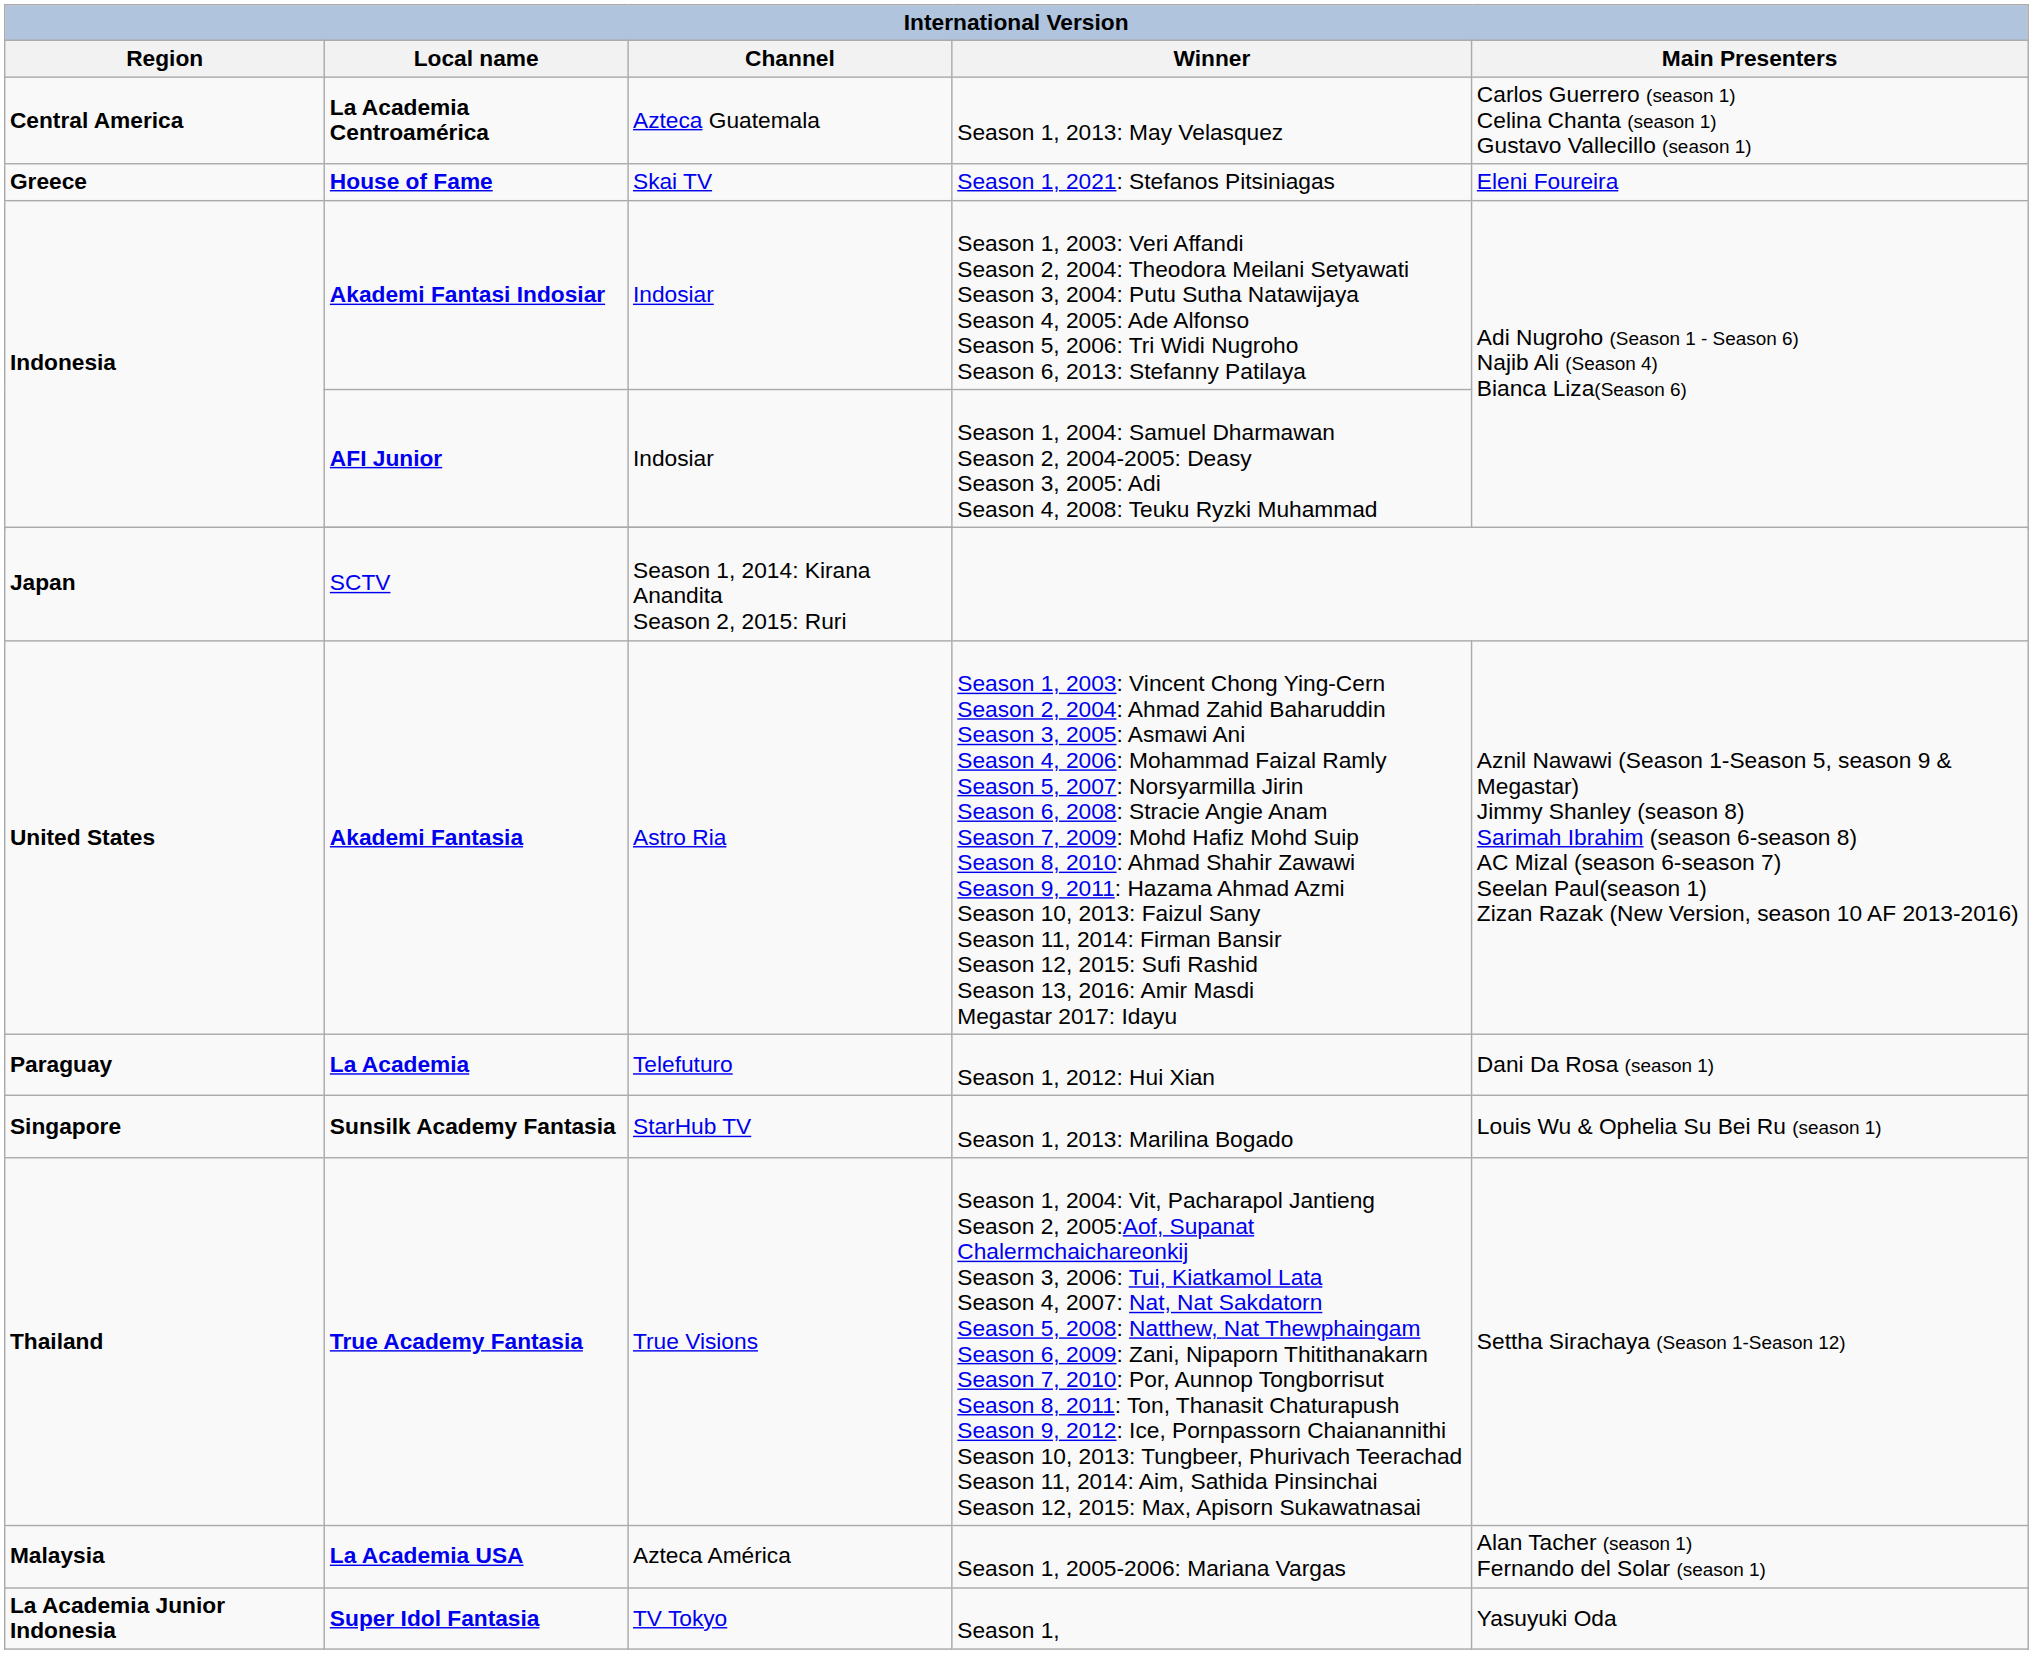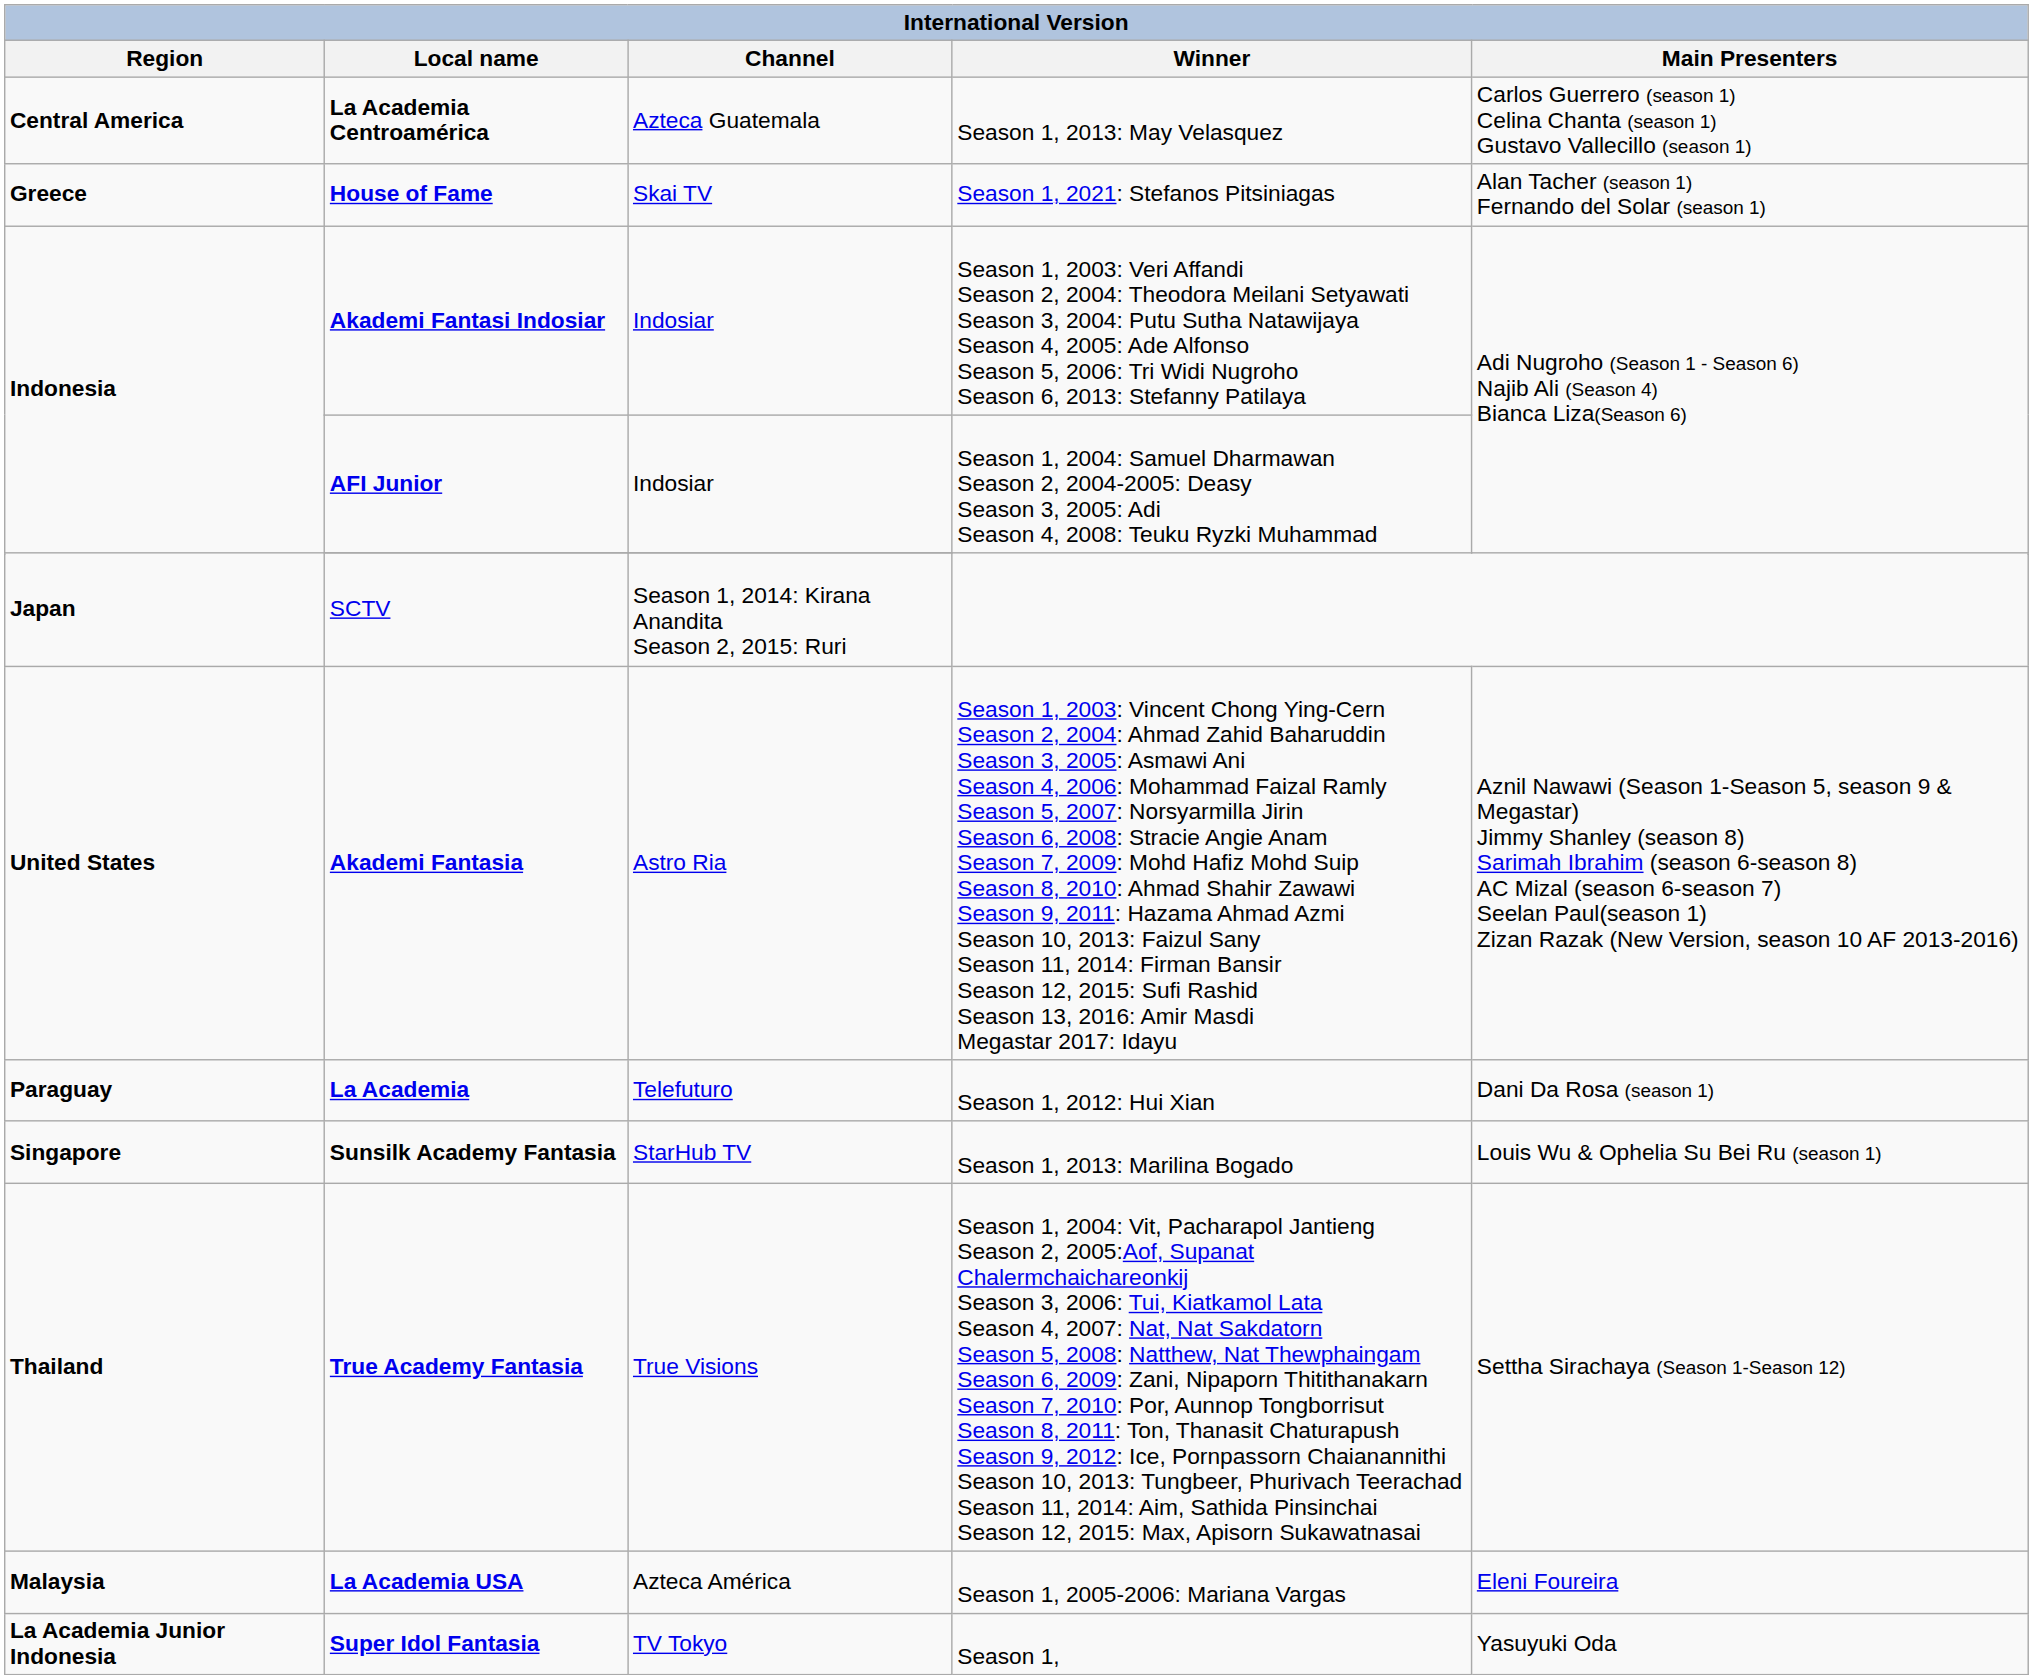 <table class="wikitable" style="text-align:left; width:90%">
 <tr>
 <th colspan="28" style="background:LightSteelBlue;">International Version</th>
 </tr>
 <tr>
 <th>Region</th>
 <th>Local name</th>
 <th>Channel</th>
 <th>Winner</th>
 <th>Main Presenters</th>
 </tr>
 <tr>
 <td><strong>Central America</strong></td>
 <td><strong>La Academia Centroamérica</strong></td>
 <td><a href='#'>Azteca</a> Guatemala</td>
 <td><br>Season 1, 2013: May Velasquez</td>
 <td>Carlos Guerrero <small>(season 1)</small><br>Celina Chanta <small>(season 1)</small><br>Gustavo Vallecillo <small>(season 1)</small></td>
 </tr>
 <tr>
 <td><strong>Greece</strong></td>
 <td><strong><a href='#'>House of Fame</a></strong></td>
 <td><a href='#'>Skai TV</a></td>
 <td><a href='#'>Season 1, 2021</a>: Stefanos Pitsiniagas</td>
-<td><a href='#'>Eleni Foureira</a></td>
+<td>Alan Tacher <small>(season 1)</small><br>Fernando del Solar <small>(season 1)</small></td>
 </tr>
 <tr>
 <td rowspan="3"><strong>Indonesia</strong></td>
 <td><strong><a href='#'>Akademi Fantasi Indosiar</a></strong></td>
 <td><a href='#'>Indosiar</a></td>
 <td><br>Season 1, 2003: Veri Affandi<br> Season 2, 2004: Theodora Meilani Setyawati<br> Season 3, 2004: Putu Sutha Natawijaya<br> Season 4, 2005: Ade Alfonso<br> Season 5, 2006: Tri Widi Nugroho<br> Season 6, 2013: Stefanny Patilaya<br></td>
 <td rowspan="3">Adi Nugroho <small>(Season 1 - Season 6)</small><br>Najib Ali <small>(Season 4)</small><br>Bianca Liza<small>(Season 6)</small></td>
 </tr>
 <tr>
 <td><strong><a href='#'>AFI Junior</a></strong></td>
 <td>Indosiar</td>
 <td><br>Season 1, 2004: Samuel Dharmawan<br>Season 2, 2004-2005: Deasy<br> Season 3, 2005: Adi<br>Season 4, 2008: Teuku Ryzki Muhammad</td>
 </tr>
 <tr>
 </tr>
 <tr>
 <td><strong>Japan</strong></td>
 <td><a href='#'>SCTV</a></td>
 <td><br>Season 1, 2014: Kirana Anandita<br>Season 2, 2015: Ruri</td>
 </tr>
 <tr>
 <td><strong>United States</strong></td>
 <td><strong><a href='#'>Akademi Fantasia</a></strong></td>
 <td><a href='#'>Astro Ria</a></td>
 <td><br><a href='#'>Season 1, 2003</a>: Vincent Chong Ying-Cern<br> <a href='#'>Season 2, 2004</a>: Ahmad Zahid Baharuddin<br> <a href='#'>Season 3, 2005</a>: Asmawi Ani<br> <a href='#'>Season 4, 2006</a>: Mohammad Faizal Ramly<br> <a href='#'>Season 5, 2007</a>: Norsyarmilla Jirin<br> <a href='#'>Season 6, 2008</a>: Stracie Angie Anam<br> <a href='#'>Season 7, 2009</a>: Mohd Hafiz Mohd Suip<br> <a href='#'>Season 8, 2010</a>: Ahmad Shahir Zawawi<br> <a href='#'>Season 9, 2011</a>: Hazama Ahmad Azmi<br> Season 10, 2013: Faizul Sany<br> Season 11, 2014: Firman Bansir<br> Season 12, 2015: Sufi Rashid<br> Season 13, 2016: Amir Masdi<br> Megastar 2017: Idayu<br></td>
 <td>Aznil Nawawi (Season 1-Season 5, season 9 & Megastar)<br>Jimmy Shanley (season 8)<br><a href='#'>Sarimah Ibrahim</a> (season 6-season 8)<br>AC Mizal (season 6-season 7)<br>Seelan Paul(season 1)<br>Zizan Razak (New Version, season 10 AF 2013-2016)</td>
 </tr>
 <tr>
 <td><strong>Paraguay</strong></td>
 <td><strong><a href='#'>La Academia</a></strong></td>
 <td><a href='#'>Telefuturo</a></td>
 <td><br>Season 1, 2012: Hui Xian<br></td>
 <td>Dani Da Rosa <small>(season 1)</small></td>
 </tr>
 <tr>
 <td><strong>Singapore</strong></td>
 <td><strong>Sunsilk Academy Fantasia</strong></td>
 <td><a href='#'>StarHub TV</a></td>
 <td><br>Season 1, 2013: Marilina Bogado<br></td>
 <td>Louis Wu & Ophelia Su Bei Ru <small>(season 1)</small></td>
 </tr>
 <tr>
 <td><strong>Thailand</strong></td>
 <td><strong><a href='#'>True Academy Fantasia</a></strong></td>
 <td><a href='#'>True Visions</a></td>
 <td><br>Season 1, 2004: Vit, Pacharapol Jantieng<br> Season 2, 2005:<a href='#'>Aof, Supanat Chalermchaichareonkij</a><br> Season 3, 2006: <a href='#'>Tui, Kiatkamol Lata</a><br> Season 4, 2007: <a href='#'>Nat, Nat Sakdatorn</a><br> <a href='#'>Season 5, 2008</a>: <a href='#'>Natthew, Nat Thewphaingam</a><br> <a href='#'>Season 6, 2009</a>: Zani, Nipaporn Thitithanakarn<br> <a href='#'>Season 7, 2010</a>: Por, Aunnop Tongborrisut<br> <a href='#'>Season 8, 2011</a>: Ton, Thanasit Chaturapush<br> <a href='#'>Season 9, 2012</a>: Ice, Pornpassorn Chaianannithi<br> Season 10, 2013: Tungbeer, Phurivach Teerachad<br> Season 11, 2014: Aim, Sathida Pinsinchai<br> Season 12, 2015: Max, Apisorn Sukawatnasai</td>
 <td>Settha Sirachaya <small>(Season 1-Season 12)</small></td>
 </tr>
 <tr>
 <td><strong>Malaysia</strong></td>
 <td><strong><a href='#'>La Academia USA</a></strong></td>
 <td>Azteca América</td>
 <td><br>Season 1, 2005-2006: Mariana Vargas<br></td>
-<td>Alan Tacher <small>(season 1)</small><br>Fernando del Solar <small>(season 1)</small></td>
+<td><a href='#'>Eleni Foureira</a></td>
 </tr>
 <tr>
 <td><strong>La Academia Junior Indonesia</strong></td>
 <td><strong><a href='#'>Super Idol Fantasia</a></strong></td>
 <td><a href='#'>TV Tokyo</a></td>
 <td><br>Season 1,</td>
 <td>Yasuyuki Oda</td>
 </tr>
 </table>
